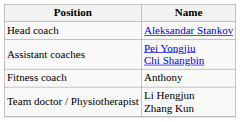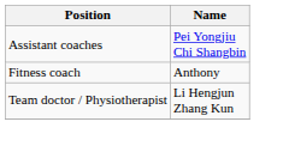 <table class="wikitable" style="text-align: left;">
 <tr>
 <th style="color:#000000;">Position</th>
 <th style="color:#000000;">Name</th>
-</tr>
-<tr>
-<td>Head coach</td>
-<td> <a href='#'>Aleksandar Stankov</a></td>
 </tr>
 <tr>
 <td>Assistant coaches</td>
 <td> <a href='#'>Pei Yongjiu</a> <br> <a href='#'>Chi Shangbin</a></td>
 </tr>
 <tr>
 <td>Fitness coach</td>
 <td> Anthony</td>
 </tr>
 <tr>
 <td>Team doctor / Physiotherapist</td>
 <td> Li Hengjun <br>  Zhang Kun</td>
 </tr>
 <tr>
 </tr>
 </table>
